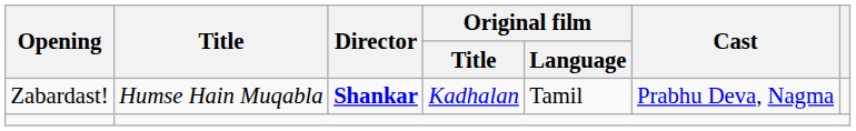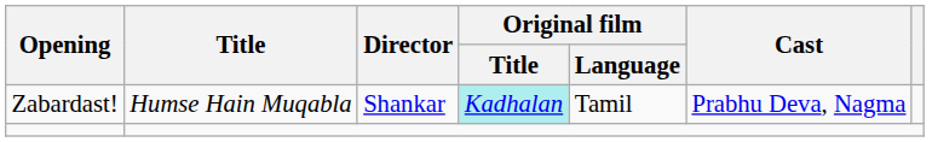 <table class="wikitable sortable">
 <tr>
 <th scope="col" rowspan="2">Opening</th>
 <th scope="col" rowspan="2">Title</th>
 <th scope="col" rowspan="2">Director</th>
 <th scope="col" colspan="2">Original film</th>
 <th scope="col" rowspan="2">Cast</th>
 <th scope="col" rowspan="2" class="unsortable"></th>
 </tr>
 <tr>
 <th scope="col">Title</th>
 <th scope="col">Language</th>
 </tr>
 <tr>
 <td>Zabardast!</td>
 <td><em>Humse Hain Muqabla</em></td>
-<td><strong><a href='#'>Shankar</a></strong></td>
-<td><em><a href='#'>Kadhalan</a></em></td>
+<td><a href='#'>Shankar</a></td>
+<td style="background: paleturquoise;"><em><a href='#'>Kadhalan</a></em></td>
 <td>Tamil</td>
 <td><a href='#'>Prabhu Deva</a>, <a href='#'>Nagma</a></td>
 <td></td>
 </tr>
 <tr>
 <td></td>
 </tr>
 </table>
